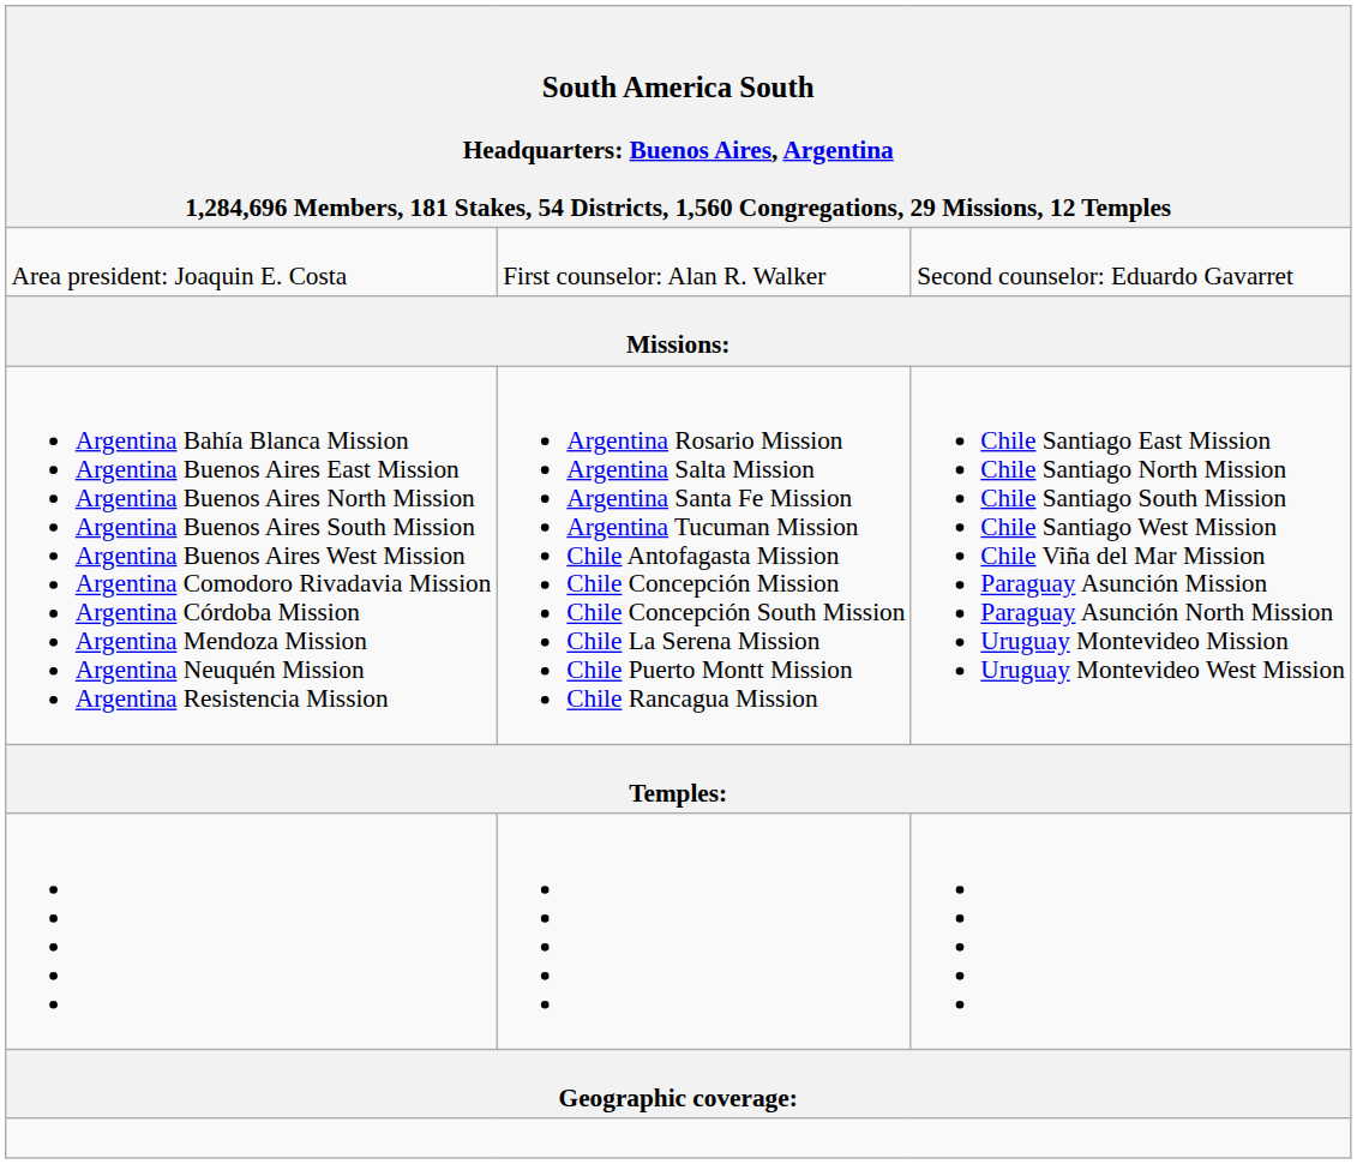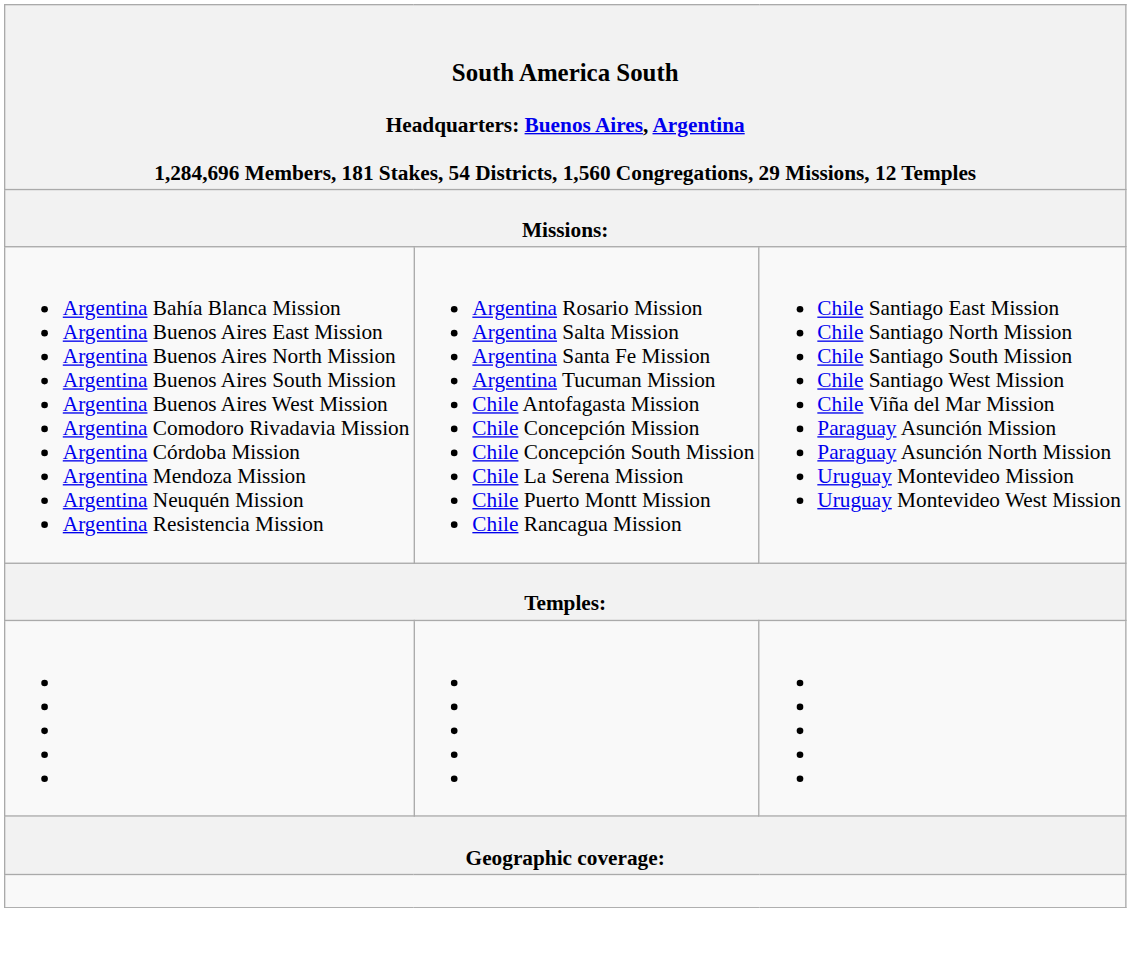 <table class=wikitable>
 <tr>
 <th colspan=3><br><h3>South America South</h3>Headquarters:  <a href='#'>Buenos Aires</a>, <a href='#'>Argentina</a><br><br>1,284,696 Members, 181 Stakes, 54 Districts, 1,560 Congregations, 29 Missions, 12 Temples</th>
-</tr>
-<tr>
-<td style="vertical-align:top"><br>Area president: Joaquin E. Costa</td>
-<td style="vertical-align:top"><br>First counselor: Alan R. Walker</td>
-<td style="vertical-align:top"><br>Second counselor: Eduardo Gavarret</td>
 </tr>
 <tr>
 <th colspan=3><br>Missions:</th>
 </tr>
 <tr>
 <td style="vertical-align:top"><br><ul><li><a href='#'>Argentina</a> Bahía Blanca Mission</li><li><a href='#'>Argentina</a> Buenos Aires East Mission</li><li><a href='#'>Argentina</a> Buenos Aires North Mission</li><li><a href='#'>Argentina</a> Buenos Aires South Mission</li><li><a href='#'>Argentina</a> Buenos Aires West Mission</li><li><a href='#'>Argentina</a> Comodoro Rivadavia Mission</li><li><a href='#'>Argentina</a> Córdoba Mission</li><li><a href='#'>Argentina</a> Mendoza Mission</li><li><a href='#'>Argentina</a> Neuquén Mission</li><li><a href='#'>Argentina</a> Resistencia Mission</li></ul></td>
 <td style="vertical-align:top"><br><ul><li><a href='#'>Argentina</a> Rosario Mission</li><li><a href='#'>Argentina</a> Salta Mission</li><li><a href='#'>Argentina</a> Santa Fe Mission</li><li><a href='#'>Argentina</a> Tucuman Mission</li><li><a href='#'>Chile</a> Antofagasta Mission</li><li><a href='#'>Chile</a> Concepción Mission</li><li><a href='#'>Chile</a> Concepción South Mission</li><li><a href='#'>Chile</a> La Serena Mission</li><li><a href='#'>Chile</a> Puerto Montt Mission</li><li><a href='#'>Chile</a> Rancagua Mission</li></ul></td>
 <td style="vertical-align:top"><br><ul><li><a href='#'>Chile</a> Santiago East Mission</li><li><a href='#'>Chile</a> Santiago North Mission</li><li><a href='#'>Chile</a> Santiago South Mission</li><li><a href='#'>Chile</a> Santiago West Mission</li><li><a href='#'>Chile</a> Viña del Mar Mission</li><li><a href='#'>Paraguay</a> Asunción Mission</li><li><a href='#'>Paraguay</a> Asunción North Mission</li><li><a href='#'>Uruguay</a> Montevideo Mission</li><li><a href='#'>Uruguay</a> Montevideo West Mission</li></ul></td>
 </tr>
 <tr>
 <th colspan=3><br>Temples:</th>
 </tr>
 <tr>
 <td style="vertical-align:top"><br><ul><li></li><li></li><li></li><li></li><li></li></ul></td>
 <td style="vertical-align:top"><br><ul><li></li><li></li><li></li><li></li><li></li></ul></td>
 <td style="vertical-align:top"><br><ul><li></li><li></li><li></li><li></li><li></li></ul></td>
 </tr>
 <tr>
 <th colspan=3><br>Geographic coverage:</th>
 </tr>
 <tr>
 <td style="vertical-align:top" colspan=3><br></td>
 </tr>
 </table>
